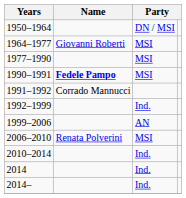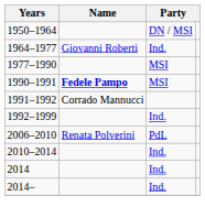 <table class=wikitable style=text-align:left>
 <tr>
 <th>Years</th>
 <th>Name</th>
 <th colspan="2">Party</th>
 </tr>
 <tr>
 <td>1950–1964</td>
 <td></td>
 <td><a href='#'>DN</a> / <a href='#'>MSI</a></td>
 <td></td>
 </tr>
 <tr>
 <td>1964–1977</td>
 <td><a href='#'>Giovanni Roberti</a></td>
-<td><a href='#'>MSI</a></td>
+<td><a href='#'>Ind.</a></td>
 <td></td>
 </tr>
 <tr>
 <td>1977–1990</td>
 <td></td>
 <td><a href='#'>MSI</a></td>
 <td></td>
 </tr>
 <tr>
 <td>1990–1991</td>
 <td><strong><a href='#'>Fedele Pampo</a></strong></td>
 <td><a href='#'>MSI</a></td>
 <td></td>
 </tr>
 <tr>
 <td>1991–1992</td>
 <td>Corrado Mannucci</td>
 <td></td>
 <td></td>
 </tr>
 <tr>
 <td>1992–1999</td>
 <td></td>
 <td><a href='#'>Ind.</a></td>
 <td></td>
 </tr>
 <tr>
-<td>1999–2006</td>
-<td></td>
-<td><a href='#'>AN</a></td>
-<td></td>
-</tr>
-<tr>
 <td>2006–2010</td>
 <td><a href='#'>Renata Polverini</a></td>
-<td><a href='#'>MSI</a></td>
+<td><a href='#'>PdL</a></td>
 <td></td>
 </tr>
 <tr>
 <td>2010–2014</td>
 <td></td>
 <td><a href='#'>Ind.</a></td>
 <td></td>
 </tr>
 <tr>
 <td>2014</td>
 <td></td>
 <td><a href='#'>Ind.</a></td>
 <td></td>
 </tr>
 <tr>
 <td>2014–</td>
 <td></td>
 <td><a href='#'>Ind.</a></td>
 <td></td>
 </tr>
 <tr>
 </tr>
 </table>
